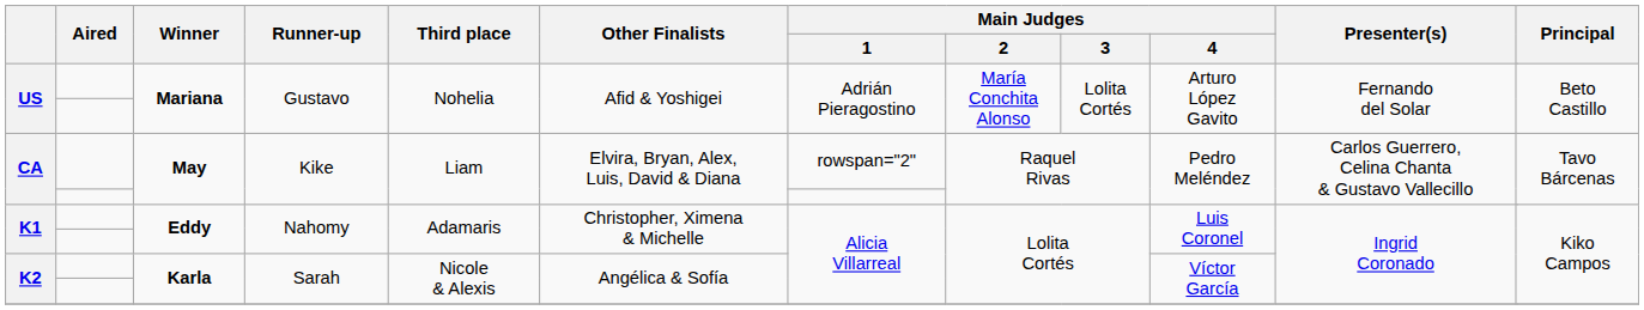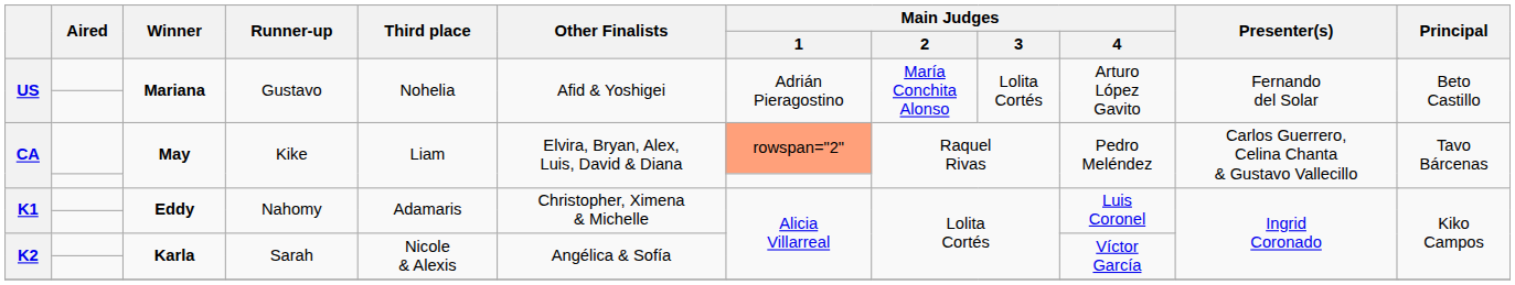 <table class="wikitable"  style="text-align:center; font-size:85%; line-height:16px; width:100%;">
 <tr>
 <th scope="col" rowspan="2"><a href='#'></a></th>
 <th scope="col" rowspan="2">Aired</th>
 <th scope="col" rowspan="2">Winner</th>
 <th scope="col" rowspan="2">Runner-up</th>
 <th scope="col" rowspan="2">Third place</th>
 <th scope="col" rowspan="2">Other Finalists</th>
 <th colspan="4">Main Judges</th>
 <th colspan="2" rowspan="2">Presenter(s)</th>
 <th scope="col" rowspan="2">Principal</th>
 </tr>
 <tr>
 <th>1</th>
 <th>2</th>
 <th>3</th>
 <th>4</th>
 </tr>
 <tr>
 <th scope="row" rowspan="2"><a href='#'>US</a></th>
 <td></td>
 <td rowspan="2"><strong>Mariana</strong></td>
 <td rowspan="2">Gustavo</td>
 <td rowspan="2">Nohelia</td>
 <td rowspan="2">Afid & Yoshigei</td>
 <td rowspan="2">Adrián<br>Pieragostino</td>
 <td rowspan="2"><a href='#'>María<br>Conchita<br>Alonso</a></td>
 <td rowspan="2">Lolita<br>Cortés</td>
 <td rowspan="2">Arturo<br>López<br>Gavito</td>
 <td colspan="2" rowspan="2">Fernando<br>del Solar</td>
 <td rowspan="2">Beto<br>Castillo</td>
 </tr>
 <tr>
 <td></td>
 </tr>
 <tr>
 <th scope="row" rowspan="2"><a href='#'>CA</a></th>
 <td></td>
 <td rowspan="2"><strong>May</strong></td>
 <td rowspan="2">Kike</td>
 <td rowspan="2">Liam</td>
 <td rowspan="2">Elvira, Bryan, Alex,<br>Luis, David & Diana</td>
-<td>rowspan="2" </td>
+<td style="background: lightsalmon;">rowspan="2" </td>
 <td rowspan="2" colspan="2">Raquel<br>Rivas</td>
 <td rowspan="2">Pedro<br>Meléndez</td>
 <td colspan="2" rowspan="2">Carlos Guerrero,<br>Celina Chanta<br>& Gustavo Vallecillo</td>
 <td rowspan="2">Tavo<br>Bárcenas</td>
 </tr>
 <tr>
 <td></td>
 </tr>
 <tr>
 <th scope="row" rowspan="2"><a href='#'>K1</a></th>
 <td></td>
 <td rowspan="2"><strong>Eddy</strong></td>
 <td rowspan="2">Nahomy</td>
 <td rowspan="2">Adamaris</td>
 <td rowspan="2">Christopher, Ximena<br>& Michelle</td>
 <td rowspan="4"><a href='#'>Alicia<br>Villarreal</a></td>
 <td rowspan="4" colspan="2">Lolita<br>Cortés</td>
 <td rowspan="2"><a href='#'>Luis<br>Coronel</a></td>
 <td colspan="2" rowspan="4"><a href='#'>Ingrid<br>Coronado</a></td>
 <td rowspan="4">Kiko<br>Campos</td>
 </tr>
 <tr>
 <td></td>
 </tr>
 <tr>
 <th scope="row" rowspan="2"><a href='#'>K2</a></th>
 <td></td>
 <td rowspan="2"><strong>Karla</strong></td>
 <td rowspan="2">Sarah</td>
 <td rowspan="2">Nicole<br>& Alexis</td>
 <td rowspan="2">Angélica & Sofía</td>
 <td rowspan="2"><a href='#'>Víctor<br>García</a></td>
 </tr>
 <tr>
 <td></td>
 </tr>
 <tr>
 </tr>
 </table>
